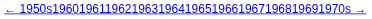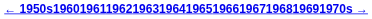 <table id=toc class=toc summary=Contents>
 <tr>
 <th></th>
 </tr>
 <tr>
-<td align=center><a href='#'>← 1950s</a><a href='#'>1960</a><a href='#'>1961</a><a href='#'>1962</a><a href='#'>1963</a><a href='#'>1964</a><a href='#'>1965</a><a href='#'>1966</a><a href='#'>1967</a><a href='#'>1968</a><a href='#'>1969</a><a href='#'>1970s →</a></td>
+<td align=center><strong><a href='#'>← 1950s</a><a href='#'>1960</a><a href='#'>1961</a><a href='#'>1962</a><a href='#'>1963</a><a href='#'>1964</a><a href='#'>1965</a><a href='#'>1966</a><a href='#'>1967</a><a href='#'>1968</a><a href='#'>1969</a><a href='#'>1970s →</a></strong></td>
 </tr>
 </table>
